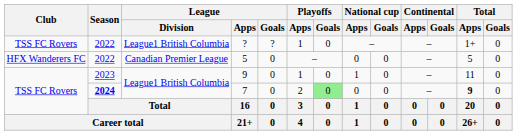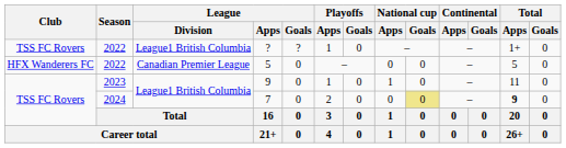 <table class="wikitable" style="text-align: center">
 <tr>
 <th rowspan="2">Club</th>
 <th rowspan="2">Season</th>
 <th colspan="3">League</th>
 <th colspan="2">Playoffs</th>
 <th colspan="2">National cup</th>
 <th colspan="2">Continental</th>
 <th colspan="2">Total</th>
 </tr>
 <tr>
 <th>Division</th>
 <th>Apps</th>
 <th>Goals</th>
 <th>Apps</th>
 <th>Goals</th>
 <th>Apps</th>
 <th>Goals</th>
 <th>Apps</th>
 <th>Goals</th>
 <th>Apps</th>
 <th>Goals</th>
 </tr>
 <tr>
 <td><a href='#'>TSS FC Rovers</a></td>
 <td><a href='#'>2022</a></td>
 <td><a href='#'>League1 British Columbia</a></td>
 <td>?</td>
 <td>?</td>
 <td>1</td>
 <td>0</td>
 <td colspan="2">–</td>
 <td colspan="2">–</td>
 <td>1+</td>
 <td>0</td>
 </tr>
 <tr>
 <td><a href='#'>HFX Wanderers FC</a></td>
 <td><a href='#'>2022</a></td>
 <td><a href='#'>Canadian Premier League</a></td>
 <td>5</td>
 <td>0</td>
 <td colspan="2">–</td>
 <td>0</td>
 <td>0</td>
 <td colspan="2">–</td>
 <td>5</td>
 <td>0</td>
 </tr>
 <tr>
 <td rowspan=3><a href='#'>TSS FC Rovers</a></td>
 <td><a href='#'>2023</a></td>
 <td rowspan=2><a href='#'>League1 British Columbia</a></td>
 <td>9</td>
 <td>0</td>
 <td>1</td>
 <td>0</td>
 <td>1</td>
 <td>0</td>
 <td colspan="2">–</td>
 <td>11</td>
 <td>0</td>
 </tr>
 <tr>
-<td><strong><a href='#'>2024</a></strong></td>
+<td><a href='#'>2024</a></td>
 <td>7</td>
 <td>0</td>
 <td>2</td>
-<td style="background: lightgreen;">0</td>
 <td>0</td>
 <td>0</td>
+<td style="background: khaki;">0</td>
 <td colspan="2">–</td>
 <td><strong>9</strong></td>
 <td>0</td>
 </tr>
 <tr>
 <th colspan="2">Total</th>
 <th>16</th>
 <th>0</th>
 <th>3</th>
 <th>0</th>
 <th>1</th>
 <th>0</th>
 <th>0</th>
 <th>0</th>
 <th>20</th>
 <th>0</th>
 </tr>
 <tr>
 <th colspan="3">Career total</th>
 <th>21+</th>
 <th>0</th>
 <th>4</th>
 <th>0</th>
 <th>1</th>
 <th>0</th>
 <th>0</th>
 <th>0</th>
 <th>26+</th>
 <th>0</th>
 </tr>
 </table>
